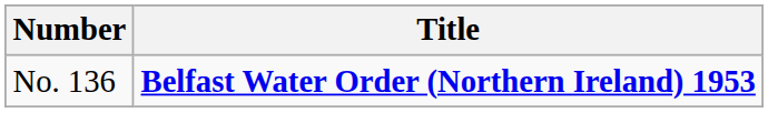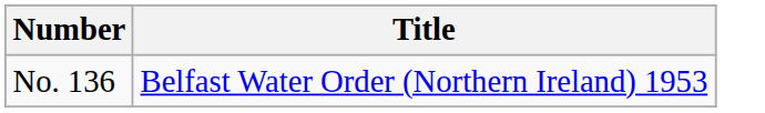 <table class="wikitable collapsible">
 <tr>
 <th>Number</th>
 <th>Title</th>
 </tr>
 <tr>
 <td>No. 136</td>
-<td><strong><a href='#'>Belfast Water Order (Northern Ireland) 1953</a></strong></td>
+<td><a href='#'>Belfast Water Order (Northern Ireland) 1953</a></td>
 </tr>
 </table>
